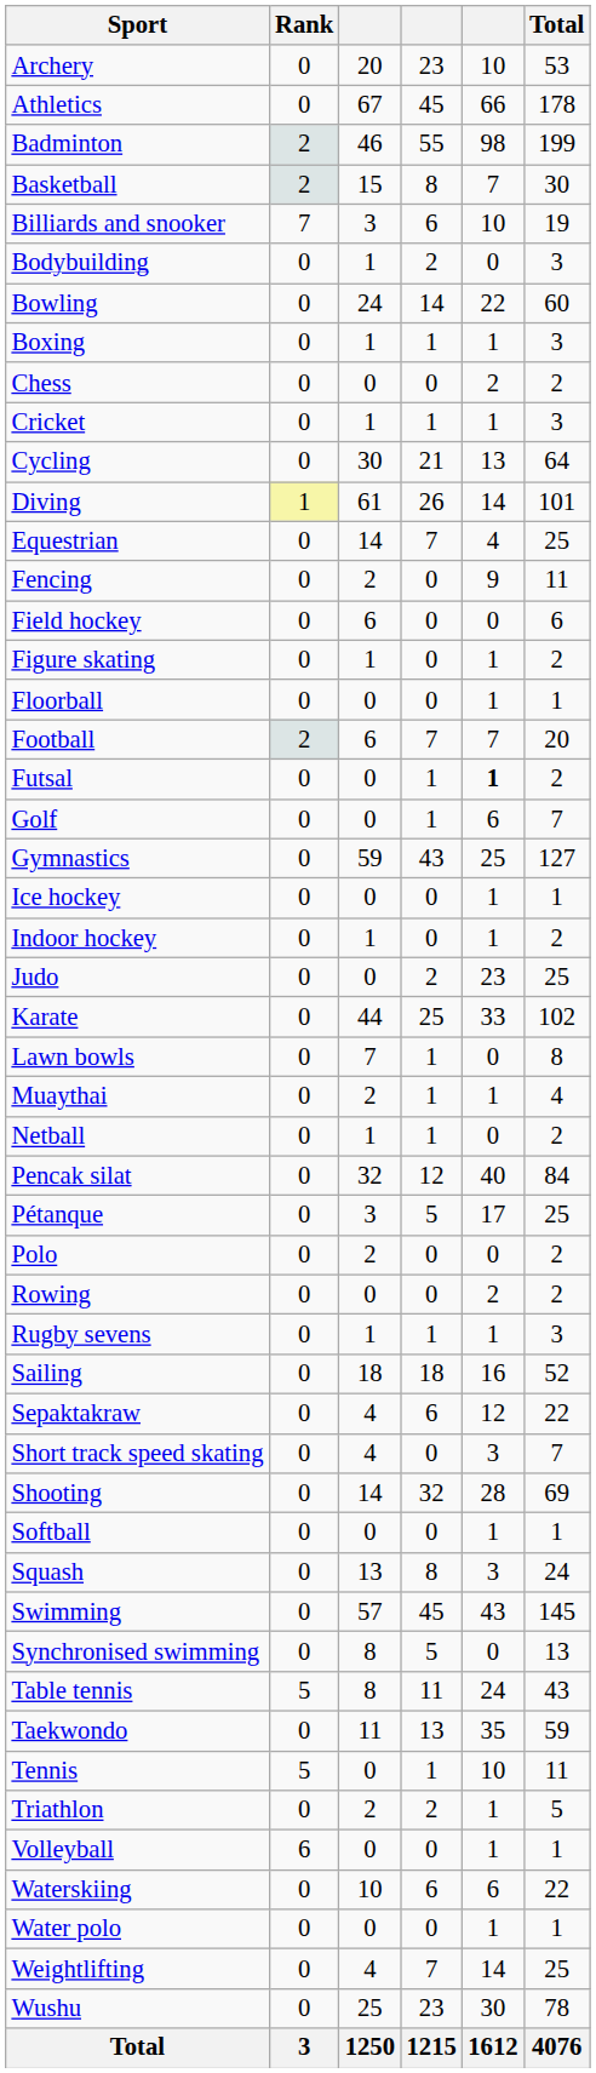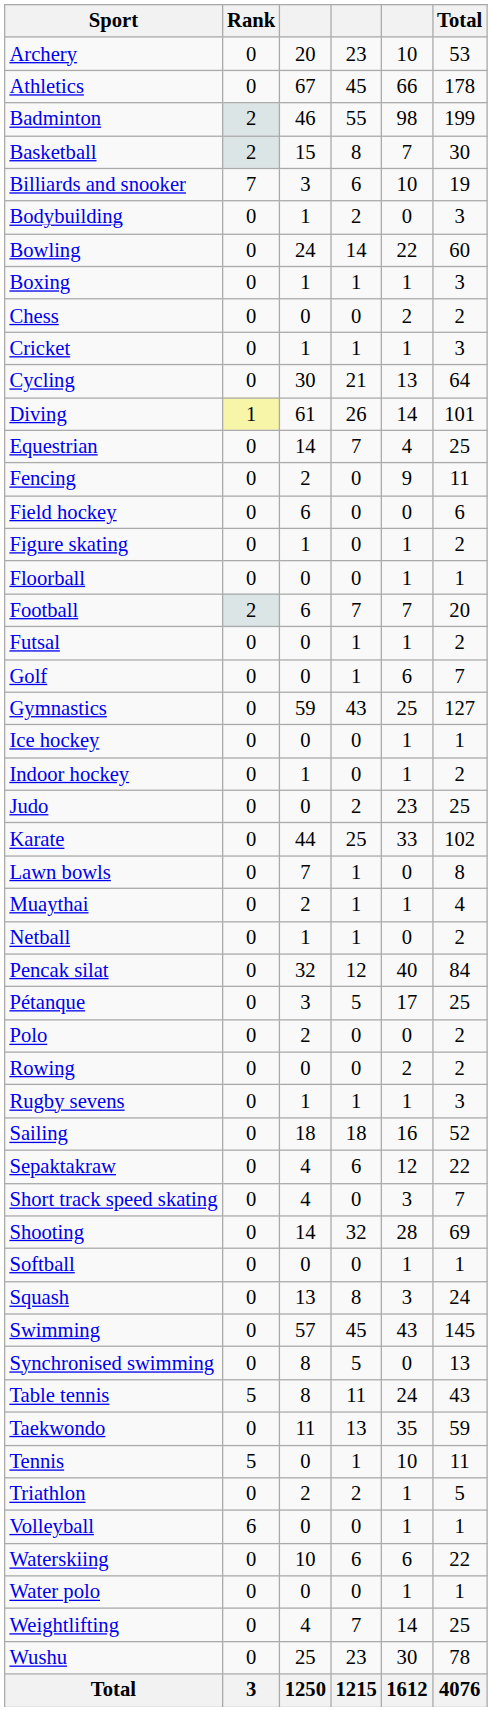 <table class="wikitable sortable" style="margin-top:0em; text-align:center; font-size:100%;">
 <tr>
 <th>Sport</th>
 <th style="width:2em;">Rank</th>
 <th style="width:2em;"></th>
 <th style="width:2em;"></th>
 <th style="width:2em;"></th>
 <th style="width:2em;">Total</th>
 </tr>
 <tr>
 <td align=left><a href='#'>Archery</a></td>
 <td>0</td>
 <td>20</td>
 <td>23</td>
 <td>10</td>
 <td>53</td>
 </tr>
 <tr>
 <td align=left><a href='#'>Athletics</a></td>
 <td>0</td>
 <td>67</td>
 <td>45</td>
 <td>66</td>
 <td>178</td>
 </tr>
 <tr>
 <td align=left><a href='#'>Badminton</a></td>
 <td bgcolor=dce5e5>2</td>
 <td>46</td>
 <td>55</td>
 <td>98</td>
 <td>199</td>
 </tr>
 <tr>
 <td align=left><a href='#'>Basketball</a></td>
 <td bgcolor=dce5e5>2</td>
 <td>15</td>
 <td>8</td>
 <td>7</td>
 <td>30</td>
 </tr>
 <tr>
 <td align=left><a href='#'>Billiards and snooker</a></td>
 <td>7</td>
 <td>3</td>
 <td>6</td>
 <td>10</td>
 <td>19</td>
 </tr>
 <tr>
 <td align=left><a href='#'>Bodybuilding</a></td>
 <td>0</td>
 <td>1</td>
 <td>2</td>
 <td>0</td>
 <td>3</td>
 </tr>
 <tr>
 <td align=left><a href='#'>Bowling</a></td>
 <td>0</td>
 <td>24</td>
 <td>14</td>
 <td>22</td>
 <td>60</td>
 </tr>
 <tr>
 <td align=left><a href='#'>Boxing</a></td>
 <td>0</td>
 <td>1</td>
 <td>1</td>
 <td>1</td>
 <td>3</td>
 </tr>
 <tr>
 <td align=left><a href='#'>Chess</a></td>
 <td>0</td>
 <td>0</td>
 <td>0</td>
 <td>2</td>
 <td>2</td>
 </tr>
 <tr>
 <td align=left><a href='#'>Cricket</a></td>
 <td>0</td>
 <td>1</td>
 <td>1</td>
 <td>1</td>
 <td>3</td>
 </tr>
 <tr>
 <td align=left><a href='#'>Cycling</a></td>
 <td>0</td>
 <td>30</td>
 <td>21</td>
 <td>13</td>
 <td>64</td>
 </tr>
 <tr>
 <td align=left><a href='#'>Diving</a></td>
 <td bgcolor=f7f6a8>1</td>
 <td>61</td>
 <td>26</td>
 <td>14</td>
 <td>101</td>
 </tr>
 <tr>
 <td align=left><a href='#'>Equestrian</a></td>
 <td>0</td>
 <td>14</td>
 <td>7</td>
 <td>4</td>
 <td>25</td>
 </tr>
 <tr>
 <td align=left><a href='#'>Fencing</a></td>
 <td>0</td>
 <td>2</td>
 <td>0</td>
 <td>9</td>
 <td>11</td>
 </tr>
 <tr>
 <td align=left><a href='#'>Field hockey</a></td>
 <td>0</td>
 <td>6</td>
 <td>0</td>
 <td>0</td>
 <td>6</td>
 </tr>
 <tr>
 <td align=left><a href='#'>Figure skating</a></td>
 <td>0</td>
 <td>1</td>
 <td>0</td>
 <td>1</td>
 <td>2</td>
 </tr>
 <tr>
 <td align=left><a href='#'>Floorball</a></td>
 <td>0</td>
 <td>0</td>
 <td>0</td>
 <td>1</td>
 <td>1</td>
 </tr>
 <tr>
 <td align=left><a href='#'>Football</a></td>
 <td bgcolor=dce5e5>2</td>
 <td>6</td>
 <td>7</td>
 <td>7</td>
 <td>20</td>
 </tr>
 <tr>
 <td align=left><a href='#'>Futsal</a></td>
 <td>0</td>
 <td>0</td>
 <td>1</td>
-<td><strong>1</strong></td>
+<td>1</td>
 <td>2</td>
 </tr>
 <tr>
 <td align=left><a href='#'>Golf</a></td>
 <td>0</td>
 <td>0</td>
 <td>1</td>
 <td>6</td>
 <td>7</td>
 </tr>
 <tr>
 <td align=left><a href='#'>Gymnastics</a></td>
 <td>0</td>
 <td>59</td>
 <td>43</td>
 <td>25</td>
 <td>127</td>
 </tr>
 <tr>
 <td align=left><a href='#'>Ice hockey</a></td>
 <td>0</td>
 <td>0</td>
 <td>0</td>
 <td>1</td>
 <td>1</td>
 </tr>
 <tr>
 <td align=left><a href='#'>Indoor hockey</a></td>
 <td>0</td>
 <td>1</td>
 <td>0</td>
 <td>1</td>
 <td>2</td>
 </tr>
 <tr>
 <td align=left><a href='#'>Judo</a></td>
 <td>0</td>
 <td>0</td>
 <td>2</td>
 <td>23</td>
 <td>25</td>
 </tr>
 <tr>
 <td align=left><a href='#'>Karate</a></td>
 <td>0</td>
 <td>44</td>
 <td>25</td>
 <td>33</td>
 <td>102</td>
 </tr>
 <tr>
 <td align=left><a href='#'>Lawn bowls</a></td>
 <td>0</td>
 <td>7</td>
 <td>1</td>
 <td>0</td>
 <td>8</td>
 </tr>
 <tr>
 <td align=left><a href='#'>Muaythai</a></td>
 <td>0</td>
 <td>2</td>
 <td>1</td>
 <td>1</td>
 <td>4</td>
 </tr>
 <tr>
 <td align=left><a href='#'>Netball</a></td>
 <td>0</td>
 <td>1</td>
 <td>1</td>
 <td>0</td>
 <td>2</td>
 </tr>
 <tr>
 <td align=left><a href='#'>Pencak silat</a></td>
 <td>0</td>
 <td>32</td>
 <td>12</td>
 <td>40</td>
 <td>84</td>
 </tr>
 <tr>
 <td align=left><a href='#'>Pétanque</a></td>
 <td>0</td>
 <td>3</td>
 <td>5</td>
 <td>17</td>
 <td>25</td>
 </tr>
 <tr>
 <td align=left><a href='#'>Polo</a></td>
 <td>0</td>
 <td>2</td>
 <td>0</td>
 <td>0</td>
 <td>2</td>
 </tr>
 <tr>
 <td align=left><a href='#'>Rowing</a></td>
 <td>0</td>
 <td>0</td>
 <td>0</td>
 <td>2</td>
 <td>2</td>
 </tr>
 <tr>
 <td align=left><a href='#'>Rugby sevens</a></td>
 <td>0</td>
 <td>1</td>
 <td>1</td>
 <td>1</td>
 <td>3</td>
 </tr>
 <tr>
 <td align=left><a href='#'>Sailing</a></td>
 <td>0</td>
 <td>18</td>
 <td>18</td>
 <td>16</td>
 <td>52</td>
 </tr>
 <tr>
 <td align=left><a href='#'>Sepaktakraw</a></td>
 <td>0</td>
 <td>4</td>
 <td>6</td>
 <td>12</td>
 <td>22</td>
 </tr>
 <tr>
 <td align=left><a href='#'>Short track speed skating</a></td>
 <td>0</td>
 <td>4</td>
 <td>0</td>
 <td>3</td>
 <td>7</td>
 </tr>
 <tr>
 <td align=left><a href='#'>Shooting</a></td>
 <td>0</td>
 <td>14</td>
 <td>32</td>
 <td>28</td>
 <td>69</td>
 </tr>
 <tr>
 <td align=left><a href='#'>Softball</a></td>
 <td>0</td>
 <td>0</td>
 <td>0</td>
 <td>1</td>
 <td>1</td>
 </tr>
 <tr>
 <td align=left><a href='#'>Squash</a></td>
 <td>0</td>
 <td>13</td>
 <td>8</td>
 <td>3</td>
 <td>24</td>
 </tr>
 <tr>
 <td align=left><a href='#'>Swimming</a></td>
 <td>0</td>
 <td>57</td>
 <td>45</td>
 <td>43</td>
 <td>145</td>
 </tr>
 <tr>
 <td align=left><a href='#'>Synchronised swimming</a></td>
 <td>0</td>
 <td>8</td>
 <td>5</td>
 <td>0</td>
 <td>13</td>
 </tr>
 <tr>
 <td align=left><a href='#'>Table tennis</a></td>
 <td>5</td>
 <td>8</td>
 <td>11</td>
 <td>24</td>
 <td>43</td>
 </tr>
 <tr>
 <td align=left><a href='#'>Taekwondo</a></td>
 <td>0</td>
 <td>11</td>
 <td>13</td>
 <td>35</td>
 <td>59</td>
 </tr>
 <tr>
 <td align=left><a href='#'>Tennis</a></td>
 <td>5</td>
 <td>0</td>
 <td>1</td>
 <td>10</td>
 <td>11</td>
 </tr>
 <tr>
 <td align=left><a href='#'>Triathlon</a></td>
 <td>0</td>
 <td>2</td>
 <td>2</td>
 <td>1</td>
 <td>5</td>
 </tr>
 <tr>
 <td align=left><a href='#'>Volleyball</a></td>
 <td>6</td>
 <td>0</td>
 <td>0</td>
 <td>1</td>
 <td>1</td>
 </tr>
 <tr>
 <td align=left><a href='#'>Waterskiing</a></td>
 <td>0</td>
 <td>10</td>
 <td>6</td>
 <td>6</td>
 <td>22</td>
 </tr>
 <tr>
 <td align=left><a href='#'>Water polo</a></td>
 <td>0</td>
 <td>0</td>
 <td>0</td>
 <td>1</td>
 <td>1</td>
 </tr>
 <tr>
 <td align=left><a href='#'>Weightlifting</a></td>
 <td>0</td>
 <td>4</td>
 <td>7</td>
 <td>14</td>
 <td>25</td>
 </tr>
 <tr>
 <td align=left><a href='#'>Wushu</a></td>
 <td>0</td>
 <td>25</td>
 <td>23</td>
 <td>30</td>
 <td>78</td>
 </tr>
 <tr>
 <th>Total</th>
 <th>3</th>
 <th>1250</th>
 <th>1215</th>
 <th>1612</th>
 <th>4076</th>
 </tr>
 </table>
